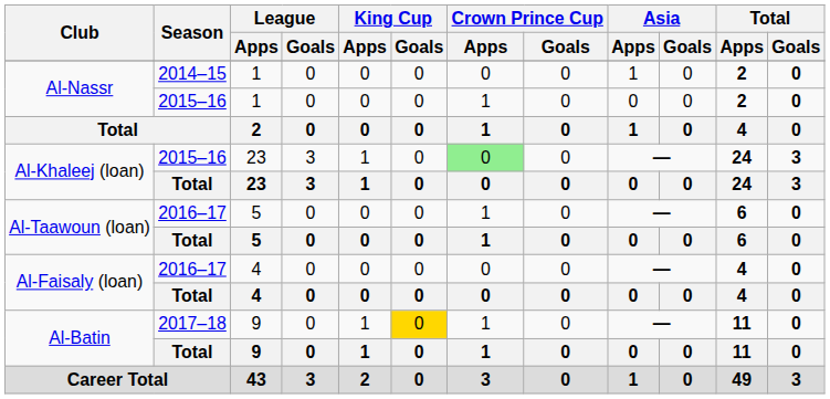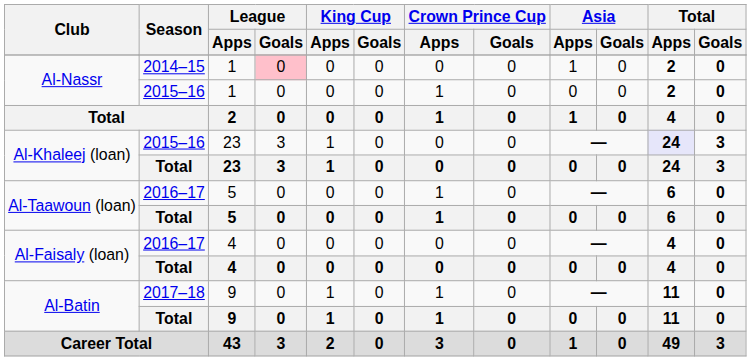 <table class="wikitable" style="text-align: center;">
 <tr>
 <th rowspan="2">Club</th>
 <th rowspan="2">Season</th>
 <th colspan="2">League</th>
 <th colspan="2"><a href='#'>King Cup</a></th>
 <th colspan="2"><a href='#'>Crown Prince Cup</a></th>
 <th colspan="2"><a href='#'>Asia</a></th>
 <th colspan="2">Total</th>
 </tr>
 <tr>
 <th>Apps</th>
 <th>Goals</th>
 <th>Apps</th>
 <th>Goals</th>
 <th>Apps</th>
 <th>Goals</th>
 <th>Apps</th>
 <th>Goals</th>
 <th>Apps</th>
 <th>Goals</th>
 </tr>
 <tr>
 </tr>
 <tr align=center>
 <td rowspan="3" align=center valign=center><a href='#'>Al-Nassr</a></td>
 </tr>
 <tr align=center>
 <td><a href='#'>2014–15</a></td>
 <td>1</td>
-<td>0</td>
+<td style="background: pink;">0</td>
 <td>0</td>
 <td>0</td>
 <td>0</td>
 <td>0</td>
 <td>1</td>
 <td>0</td>
 <td><strong>2</strong></td>
 <td><strong>0</strong></td>
 </tr>
 <tr align=center>
 <td><a href='#'>2015–16</a></td>
 <td>1</td>
 <td>0</td>
 <td>0</td>
 <td>0</td>
 <td>1</td>
 <td>0</td>
 <td>0</td>
 <td>0</td>
 <td><strong>2</strong></td>
 <td><strong>0</strong></td>
 </tr>
 <tr align=center>
 <th colspan="2">Total</th>
 <th>2</th>
 <th>0</th>
 <th>0</th>
 <th>0</th>
 <th>1</th>
 <th>0</th>
 <th>1</th>
 <th>0</th>
 <th>4</th>
 <th>0</th>
 </tr>
 <tr>
 <td rowspan="2"><a href='#'>Al-Khaleej</a> (loan)</td>
 <td><a href='#'>2015–16</a></td>
 <td>23</td>
 <td>3</td>
 <td>1</td>
 <td>0</td>
-<td style="background: lightgreen;">0</td>
+<td>0</td>
 <td>0</td>
 <td Colspan=2><strong>—</strong></td>
-<td><strong>24</strong></td>
+<td style="background: lavender;"><strong>24</strong></td>
 <td><strong>3</strong></td>
 </tr>
 <tr>
 <th>Total</th>
 <th>23</th>
 <th>3</th>
 <th>1</th>
 <th>0</th>
 <th>0</th>
 <th>0</th>
 <th>0</th>
 <th>0</th>
 <th>24</th>
 <th>3</th>
 </tr>
 <tr>
 <td rowspan="2"><a href='#'>Al-Taawoun</a> (loan)</td>
 <td><a href='#'>2016–17</a></td>
 <td>5</td>
 <td>0</td>
 <td>0</td>
 <td>0</td>
 <td>1</td>
 <td>0</td>
 <td Colspan=2><strong>—</strong></td>
 <td><strong>6</strong></td>
 <td><strong>0</strong></td>
 </tr>
 <tr>
 <th>Total</th>
 <th>5</th>
 <th>0</th>
 <th>0</th>
 <th>0</th>
 <th>1</th>
 <th>0</th>
 <th>0</th>
 <th>0</th>
 <th>6</th>
 <th>0</th>
 </tr>
 <tr>
 <td rowspan="2"><a href='#'>Al-Faisaly</a> (loan)</td>
 <td><a href='#'>2016–17</a></td>
 <td>4</td>
 <td>0</td>
 <td>0</td>
 <td>0</td>
 <td>0</td>
 <td>0</td>
 <td Colspan=2><strong>—</strong></td>
 <td><strong>4</strong></td>
 <td><strong>0</strong></td>
 </tr>
 <tr>
 <th>Total</th>
 <th>4</th>
 <th>0</th>
 <th>0</th>
 <th>0</th>
 <th>0</th>
 <th>0</th>
 <th>0</th>
 <th>0</th>
 <th>4</th>
 <th>0</th>
 </tr>
 <tr>
 <td rowspan="2"><a href='#'>Al-Batin</a></td>
 <td><a href='#'>2017–18</a></td>
 <td>9</td>
 <td>0</td>
 <td>1</td>
-<td style="background: gold;">0</td>
+<td>0</td>
 <td>1</td>
 <td>0</td>
 <td Colspan=2><strong>—</strong></td>
 <td><strong>11</strong></td>
 <td><strong>0</strong></td>
 </tr>
 <tr>
 <th>Total</th>
 <th>9</th>
 <th>0</th>
 <th>1</th>
 <th>0</th>
 <th>1</th>
 <th>0</th>
 <th>0</th>
 <th>0</th>
 <th>11</th>
 <th>0</th>
 </tr>
 <tr>
 <th style="background: #DCDCDC" colspan="2">Career Total</th>
 <th style="background: #DCDCDC">43</th>
 <th style="background: #DCDCDC">3</th>
 <th style="background: #DCDCDC">2</th>
 <th style="background: #DCDCDC">0</th>
 <th style="background: #DCDCDC">3</th>
 <th style="background: #DCDCDC">0</th>
 <th style="background: #DCDCDC">1</th>
 <th style="background: #DCDCDC">0</th>
 <th style="background: #DCDCDC">49</th>
 <th style="background: #DCDCDC">3</th>
 </tr>
 </table>
